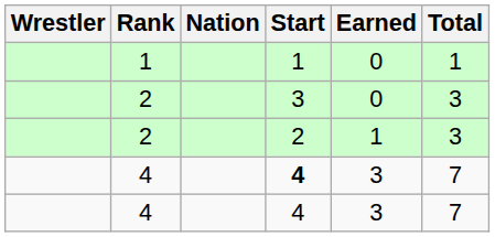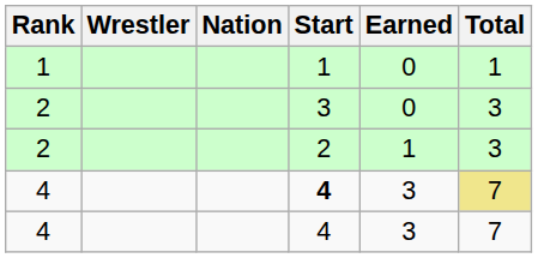 <table class="wikitable sortable" style="text-align:center;">
 <tr>
+<th>Rank</th>
 <th>Wrestler</th>
-<th>Rank</th>
 <th>Nation</th>
 <th>Start</th>
 <th>Earned</th>
 <th>Total</th>
 </tr>
 <tr style="background:#cfc;">
+<td>1</td>
 <td align=left></td>
-<td>1</td>
 <td align=left></td>
 <td>1</td>
 <td>0</td>
 <td>1</td>
 </tr>
 <tr style="background:#cfc;">
+<td>2</td>
 <td align=left></td>
-<td>2</td>
 <td align=left></td>
 <td>3</td>
 <td>0</td>
 <td>3</td>
 </tr>
 <tr style="background:#cfc;">
+<td>2</td>
 <td align=left></td>
-<td>2</td>
 <td align=left></td>
 <td>2</td>
 <td>1</td>
 <td>3</td>
 </tr>
 <tr>
+<td>4</td>
 <td align=left></td>
-<td>4</td>
 <td align=left></td>
 <td><strong>4</strong></td>
 <td>3</td>
-<td>7</td>
+<td style="background: khaki;">7</td>
 </tr>
 <tr>
+<td>4</td>
 <td align=left></td>
-<td>4</td>
 <td align=left></td>
 <td>4</td>
 <td>3</td>
 <td>7</td>
 </tr>
 </table>
